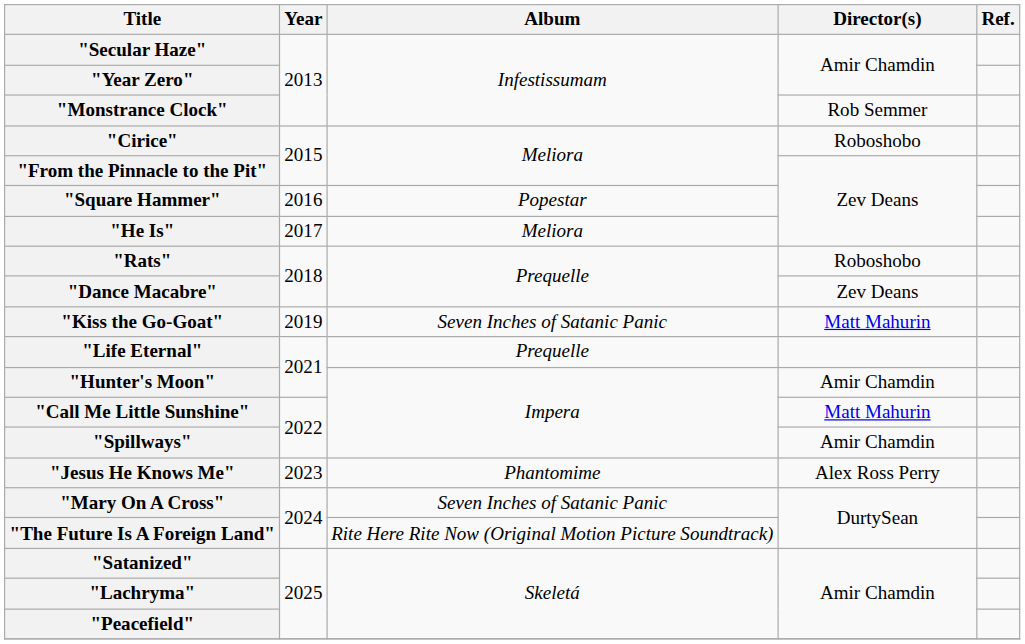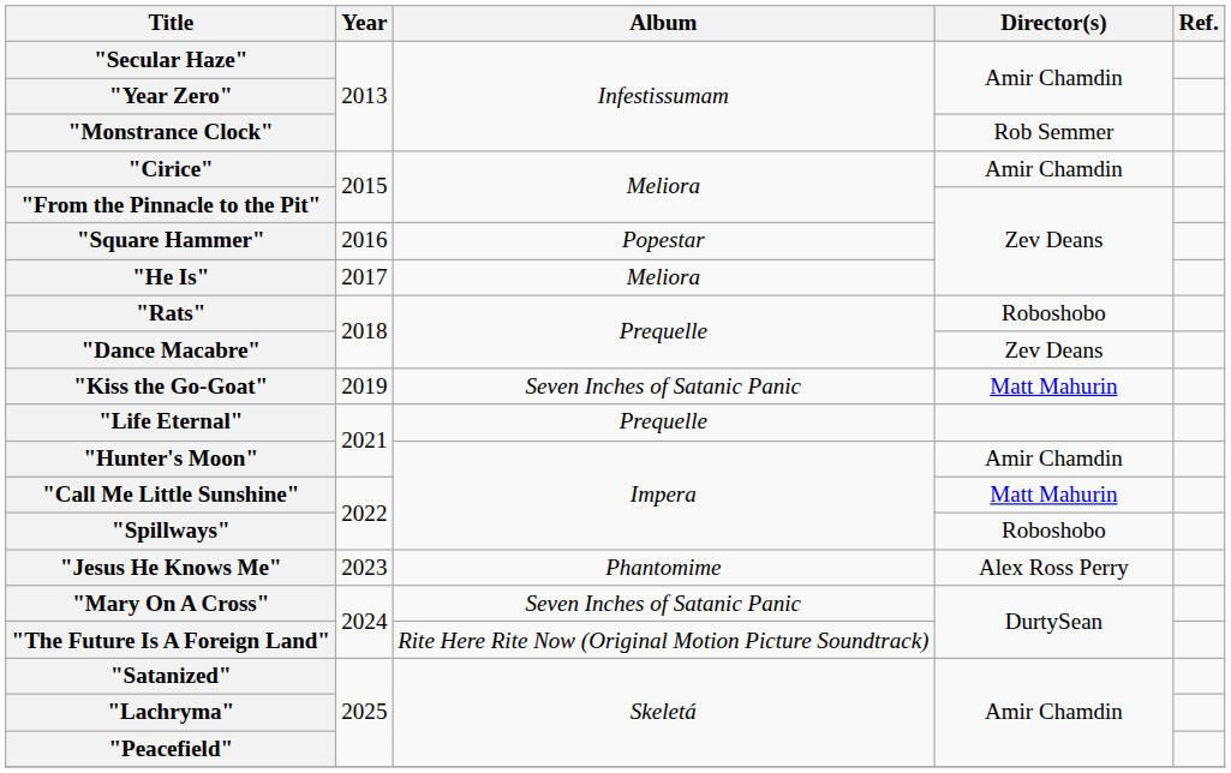 <table class="wikitable plainrowheaders" style="text-align:center;">
 <tr>
 <th scope="col" style="width:14em;">Title</th>
 <th scope="col">Year</th>
 <th scope="col">Album</th>
 <th scope="col" style="width:10em;">Director(s)</th>
 <th scope="col">Ref.</th>
 </tr>
 <tr>
 <th scope="row">"Secular Haze"</th>
 <td rowspan="3">2013</td>
 <td rowspan="3"><em>Infestissumam</em></td>
 <td rowspan="2">Amir Chamdin</td>
 <td align="center"></td>
 </tr>
 <tr>
 <th scope="row">"Year Zero"</th>
 <td align="center"></td>
 </tr>
 <tr>
 <th scope="row">"Monstrance Clock"</th>
 <td>Rob Semmer</td>
 <td align="center"></td>
 </tr>
 <tr>
 <th scope="row">"Cirice"</th>
 <td rowspan="2">2015</td>
 <td rowspan="2"><em>Meliora</em></td>
-<td>Roboshobo</td>
+<td>Amir Chamdin</td>
 <td align="center"></td>
 </tr>
 <tr>
 <th scope="row">"From the Pinnacle to the Pit"</th>
 <td rowspan="3">Zev Deans</td>
 <td align="center"></td>
 </tr>
 <tr>
 <th scope="row">"Square Hammer"</th>
 <td>2016</td>
 <td><em>Popestar</em></td>
 <td align="center"></td>
 </tr>
 <tr>
 <th scope="row">"He Is"</th>
 <td>2017</td>
 <td><em>Meliora</em></td>
 <td align="center"></td>
 </tr>
 <tr>
 <th scope="row">"Rats"</th>
 <td rowspan="2">2018</td>
 <td rowspan="2"><em>Prequelle</em></td>
 <td>Roboshobo</td>
 <td align="center"></td>
 </tr>
 <tr>
 <th scope="row">"Dance Macabre"</th>
 <td>Zev Deans</td>
 <td align="center"></td>
 </tr>
 <tr>
 <th scope="row">"Kiss the Go-Goat"</th>
 <td>2019</td>
 <td><em>Seven Inches of Satanic Panic</em></td>
 <td><a href='#'>Matt Mahurin</a></td>
 <td align="center"></td>
 </tr>
 <tr>
 <th scope="row">"Life Eternal"</th>
 <td rowspan="2">2021</td>
 <td><em>Prequelle</em></td>
 <td align="center"></td>
 </tr>
 <tr>
 <th scope="row">"Hunter's Moon"</th>
 <td rowspan="3"><em>Impera</em></td>
 <td>Amir Chamdin</td>
 <td align="center"></td>
 </tr>
 <tr>
 <th scope="row">"Call Me Little Sunshine"</th>
 <td rowspan="2">2022</td>
 <td><a href='#'>Matt Mahurin</a></td>
 <td align="center"></td>
 </tr>
 <tr>
 <th scope="row">"Spillways"</th>
-<td>Amir Chamdin</td>
+<td>Roboshobo</td>
 <td align="center"></td>
 </tr>
 <tr>
 <th scope="row">"Jesus He Knows Me"</th>
 <td>2023</td>
 <td><em>Phantomime</em></td>
 <td>Alex Ross Perry</td>
 <td align="center"></td>
 </tr>
 <tr>
 <th scope="row">"Mary On A Cross"</th>
 <td rowspan="2">2024</td>
 <td><em>Seven Inches of Satanic Panic</em></td>
 <td rowspan="2">DurtySean</td>
 <td align="center"></td>
 </tr>
 <tr>
 <th scope="row">"The Future Is A Foreign Land"</th>
 <td><em>Rite Here Rite Now (Original Motion Picture Soundtrack)</em></td>
 <td align="center"></td>
 </tr>
 <tr>
 <th scope="row">"Satanized"</th>
 <td rowspan="3">2025</td>
 <td rowspan="3"><em>Skeletá</em></td>
 <td rowspan="3">Amir Chamdin</td>
 <td align="center"></td>
 </tr>
 <tr>
 <th scope="row">"Lachryma"</th>
 <td align="center"></td>
 </tr>
 <tr>
 <th scope="row">"Peacefield"</th>
 <td></td>
 </tr>
 <tr>
 </tr>
 </table>
